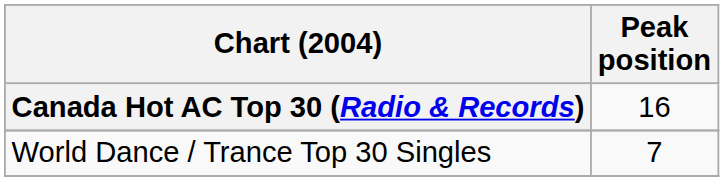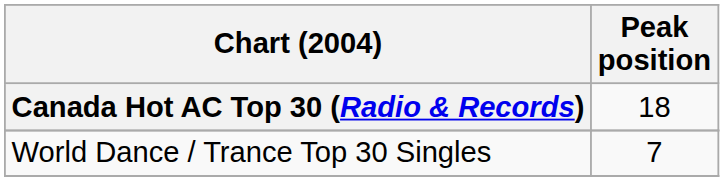 <table class="wikitable sortable plainrowheaders" style="test-align:center">
 <tr>
 <th>Chart (2004)</th>
 <th>Peak<br>position</th>
 </tr>
 <tr>
 <th scope="row">Canada Hot AC Top 30 (<em><a href='#'>Radio & Records</a></em>)</th>
-<td align="center">16</td>
+<td align="center">18</td>
 </tr>
 <tr>
 </tr>
 <tr>
 </tr>
 <tr>
 </tr>
 <tr>
 </tr>
 <tr>
 <td align="left">World Dance / Trance Top 30 Singles</td>
 <td align="center">7</td>
 </tr>
 <tr>
 </tr>
 </table>
